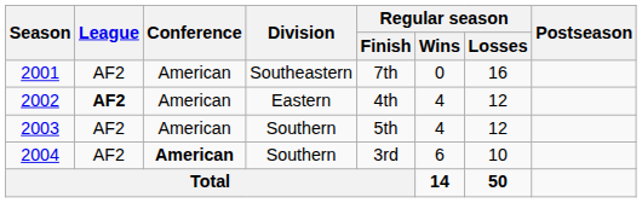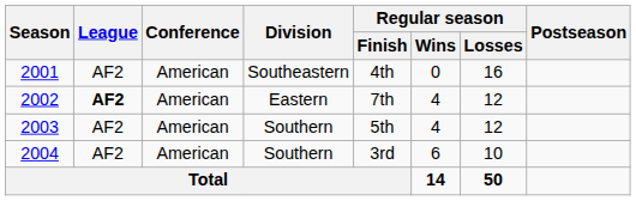 <table class="wikitable" style="text-align:center">
 <tr>
 <th rowspan="2">Season</th>
 <th rowspan="2"><a href='#'>League</a></th>
 <th rowspan="2">Conference</th>
 <th rowspan="2">Division</th>
 <th colspan="3">Regular season</th>
 <th rowspan="2">Postseason</th>
 </tr>
 <tr>
 <th>Finish</th>
 <th>Wins</th>
 <th>Losses</th>
 </tr>
 <tr>
 <td><a href='#'>2001</a></td>
 <td>AF2</td>
 <td>American</td>
 <td>Southeastern</td>
-<td>7th</td>
+<td>4th</td>
 <td>0</td>
 <td>16</td>
 <td></td>
 </tr>
 <tr>
 <td><a href='#'>2002</a></td>
 <td><strong>AF2</strong></td>
 <td>American</td>
 <td>Eastern</td>
-<td>4th</td>
+<td>7th</td>
 <td>4</td>
 <td>12</td>
 <td></td>
 </tr>
 <tr>
 <td><a href='#'>2003</a></td>
 <td>AF2</td>
 <td>American</td>
 <td>Southern</td>
 <td>5th</td>
 <td>4</td>
 <td>12</td>
 <td></td>
 </tr>
 <tr>
 <td><a href='#'>2004</a></td>
 <td>AF2</td>
-<td><strong>American</strong></td>
+<td>American</td>
 <td>Southern</td>
 <td>3rd</td>
 <td>6</td>
 <td>10</td>
 <td></td>
 </tr>
 <tr>
 <th colspan="5">Total</th>
 <td><strong>14</strong></td>
 <td><strong>50</strong></td>
 </tr>
 </table>
